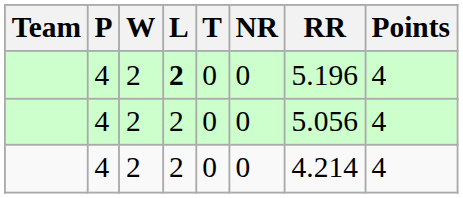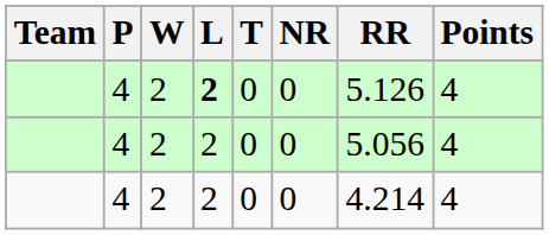 <table class="wikitable">
 <tr>
 <th>Team</th>
 <th>P</th>
 <th>W</th>
 <th>L</th>
 <th>T</th>
 <th>NR</th>
 <th>RR</th>
 <th>Points</th>
 </tr>
 <tr style="background:#cfc;">
 <td align=left></td>
 <td>4</td>
 <td>2</td>
 <td><strong>2</strong></td>
 <td>0</td>
 <td>0</td>
-<td>5.196</td>
+<td>5.126</td>
 <td>4</td>
 </tr>
 <tr style="background:#cfc;">
 <td align=left></td>
 <td>4</td>
 <td>2</td>
 <td>2</td>
 <td>0</td>
 <td>0</td>
 <td>5.056</td>
 <td>4</td>
 </tr>
 <tr>
 <td align=left></td>
 <td>4</td>
 <td>2</td>
 <td>2</td>
 <td>0</td>
 <td>0</td>
 <td>4.214</td>
 <td>4</td>
 </tr>
 </table>
